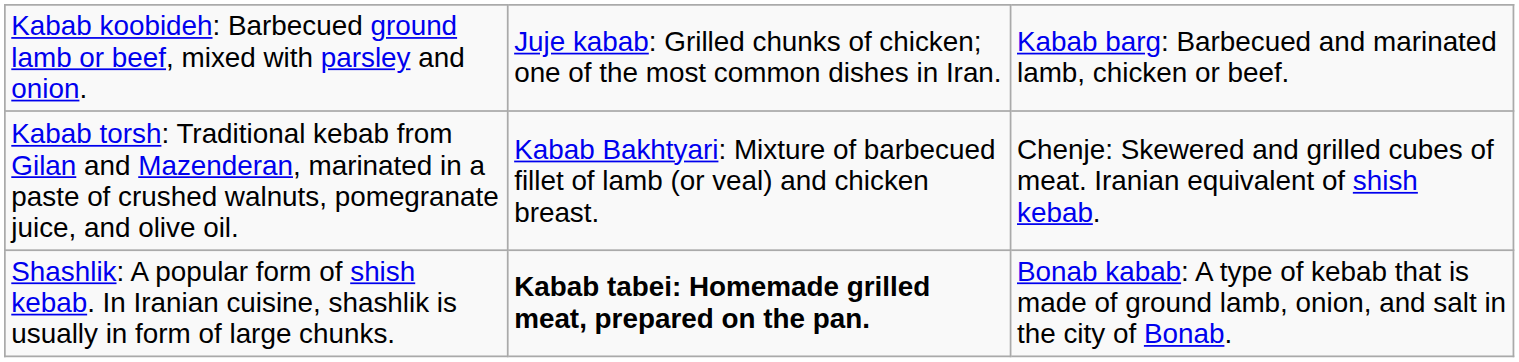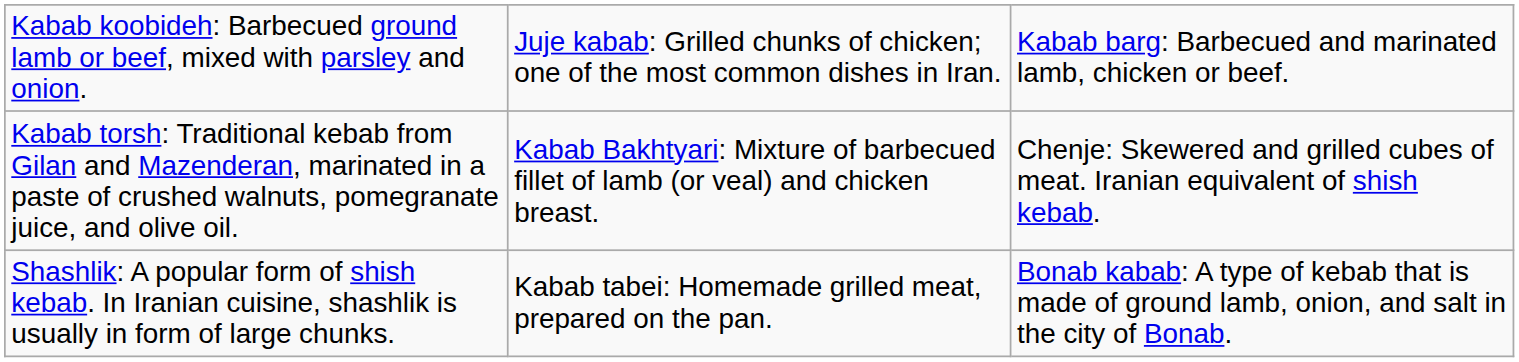 <table class="wikitable">
 <tr>
 <td style="width: 20%;"><a href='#'>Kabab koobideh</a>: Barbecued <a href='#'>ground lamb or beef</a>, mixed with <a href='#'>parsley</a> and <a href='#'>onion</a>.</td>
 <td style="width: 20%;"><a href='#'>Juje kabab</a>: Grilled chunks of chicken; one of the most common dishes in Iran.</td>
 <td style="width: 20%;"><a href='#'>Kabab barg</a>: Barbecued and marinated lamb, chicken or beef.</td>
 </tr>
 <tr>
 <td><a href='#'>Kabab torsh</a>: Traditional kebab from <a href='#'>Gilan</a> and <a href='#'>Mazenderan</a>, marinated in a paste of crushed walnuts, pomegranate juice, and olive oil.</td>
 <td><a href='#'>Kabab Bakhtyari</a>: Mixture of barbecued fillet of lamb (or veal) and chicken breast.</td>
 <td>Chenje: Skewered and grilled cubes of meat. Iranian equivalent of <a href='#'>shish kebab</a>.</td>
 </tr>
 <tr>
 <td><a href='#'>Shashlik</a>: A popular form of <a href='#'>shish kebab</a>. In Iranian cuisine, shashlik is usually in form of large chunks.</td>
-<td><strong>Kabab tabei: Homemade grilled meat, prepared on the pan.</strong></td>
+<td>Kabab tabei: Homemade grilled meat, prepared on the pan.</td>
 <td><a href='#'>Bonab kabab</a>: A type of kebab that is made of ground lamb, onion, and salt in the city of <a href='#'>Bonab</a>.</td>
 </tr>
 </table>
